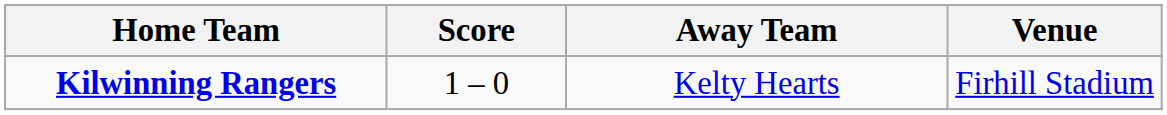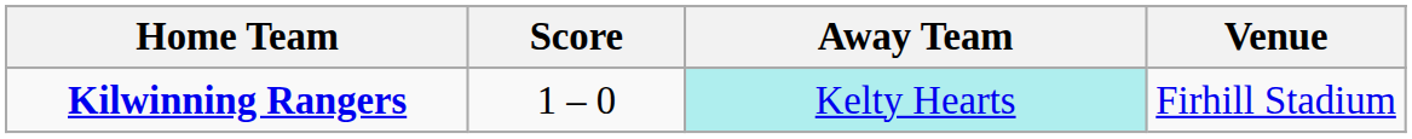 <table class="wikitable" style="text-align: center">
 <tr>
 </tr>
 <tr>
 <th width=180>Home Team</th>
 <th width=80>Score</th>
 <th width=180>Away Team</th>
 <th>Venue</th>
 </tr>
 <tr>
 <td><strong><a href='#'>Kilwinning Rangers</a></strong></td>
 <td>1 – 0</td>
-<td><a href='#'>Kelty Hearts</a></td>
+<td style="background: paleturquoise;"><a href='#'>Kelty Hearts</a></td>
 <td><a href='#'>Firhill Stadium</a></td>
 </tr>
 </table>
